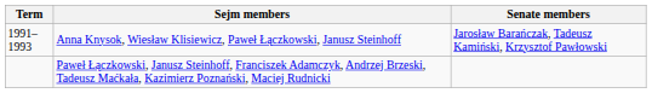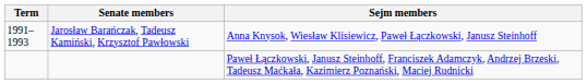 <table class=wikitable>
 <tr>
 <th>Term</th>
+<th>Senate members</th>
 <th>Sejm members</th>
-<th>Senate members</th>
 </tr>
 <tr>
 <td>1991–1993</td>
+<td><a href='#'>Jarosław Barańczak</a>, <a href='#'>Tadeusz Kamiński</a>, <a href='#'>Krzysztof Pawłowski</a></td>
 <td><a href='#'>Anna Knysok</a>, <a href='#'>Wiesław Klisiewicz</a>, <a href='#'>Paweł Łączkowski</a>, <a href='#'>Janusz Steinhoff</a></td>
-<td><a href='#'>Jarosław Barańczak</a>, <a href='#'>Tadeusz Kamiński</a>, <a href='#'>Krzysztof Pawłowski</a></td>
 </tr>
 <tr>
 <td></td>
+<td></td>
 <td><a href='#'>Paweł Łączkowski</a>, <a href='#'>Janusz Steinhoff</a>, <a href='#'>Franciszek Adamczyk</a>, <a href='#'>Andrzej Brzeski</a>, <a href='#'>Tadeusz Maćkała</a>, <a href='#'>Kazimierz Poznański</a>, <a href='#'>Maciej Rudnicki</a></td>
-<td></td>
 </tr>
 </table>
